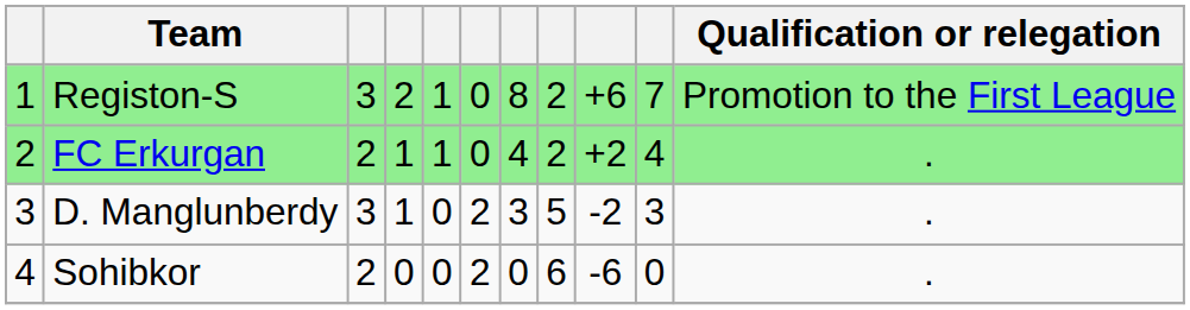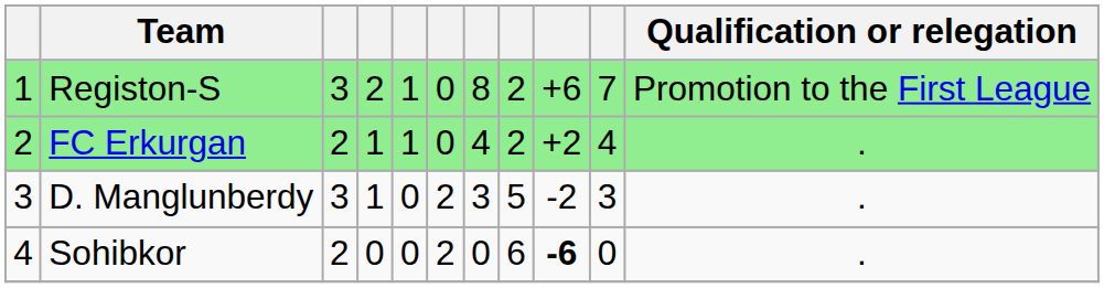 <table class="wikitable sortable" style="text-align:center; font-size:100%;">
 <tr>
 <th></th>
 <th>Team</th>
 <th></th>
 <th></th>
 <th></th>
 <th></th>
 <th></th>
 <th></th>
 <th></th>
 <th></th>
 <th>Qualification or relegation</th>
 </tr>
 <tr align="center" bgcolor="#90EE90">
 <td>1</td>
 <td align="left">Registon-S</td>
 <td>3</td>
 <td>2</td>
 <td>1</td>
 <td>0</td>
 <td>8</td>
 <td>2</td>
 <td>+6</td>
 <td>7</td>
 <td>Promotion to the <a href='#'>First League</a></td>
 </tr>
 <tr align="center" bgcolor="#90EE90">
 <td>2</td>
 <td align="left"><a href='#'>FC Erkurgan</a></td>
 <td>2</td>
 <td>1</td>
 <td>1</td>
 <td>0</td>
 <td>4</td>
 <td>2</td>
 <td>+2</td>
 <td>4</td>
 <td>.</td>
 </tr>
 <tr align="center" bgcolor="">
 <td>3</td>
 <td align="left">D. Manglunberdy</td>
 <td>3</td>
 <td>1</td>
 <td>0</td>
 <td>2</td>
 <td>3</td>
 <td>5</td>
 <td>-2</td>
 <td>3</td>
 <td>.</td>
 </tr>
 <tr align="center" bgcolor="">
 <td>4</td>
 <td align="left">Sohibkor</td>
 <td>2</td>
 <td>0</td>
 <td>0</td>
 <td>2</td>
 <td>0</td>
 <td>6</td>
-<td>-6</td>
+<td><strong>-6</strong></td>
 <td>0</td>
 <td>.</td>
 </tr>
 <tr align="center" bgcolor="">
 </tr>
 </table>
